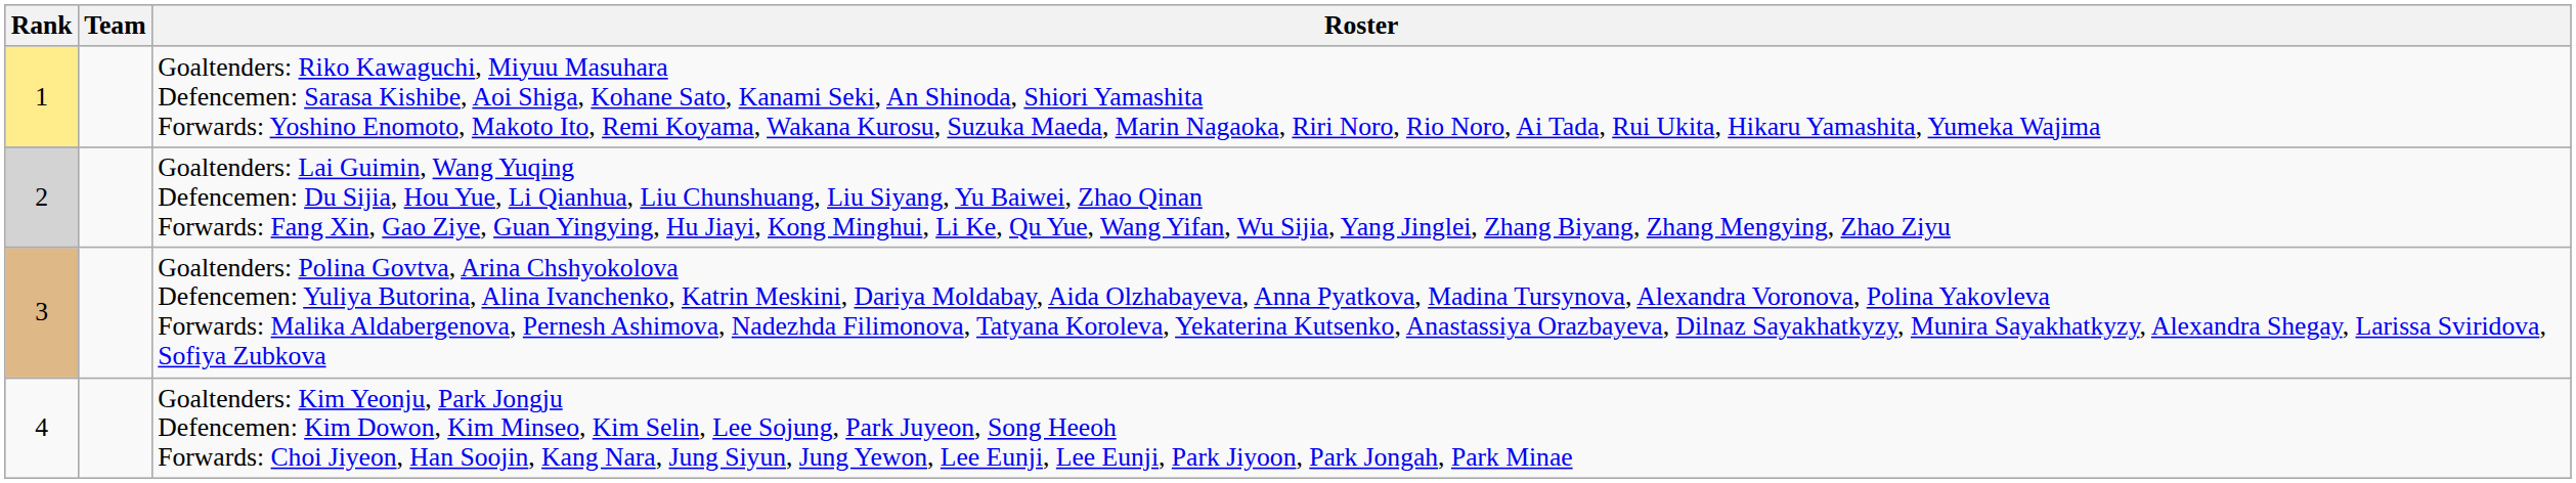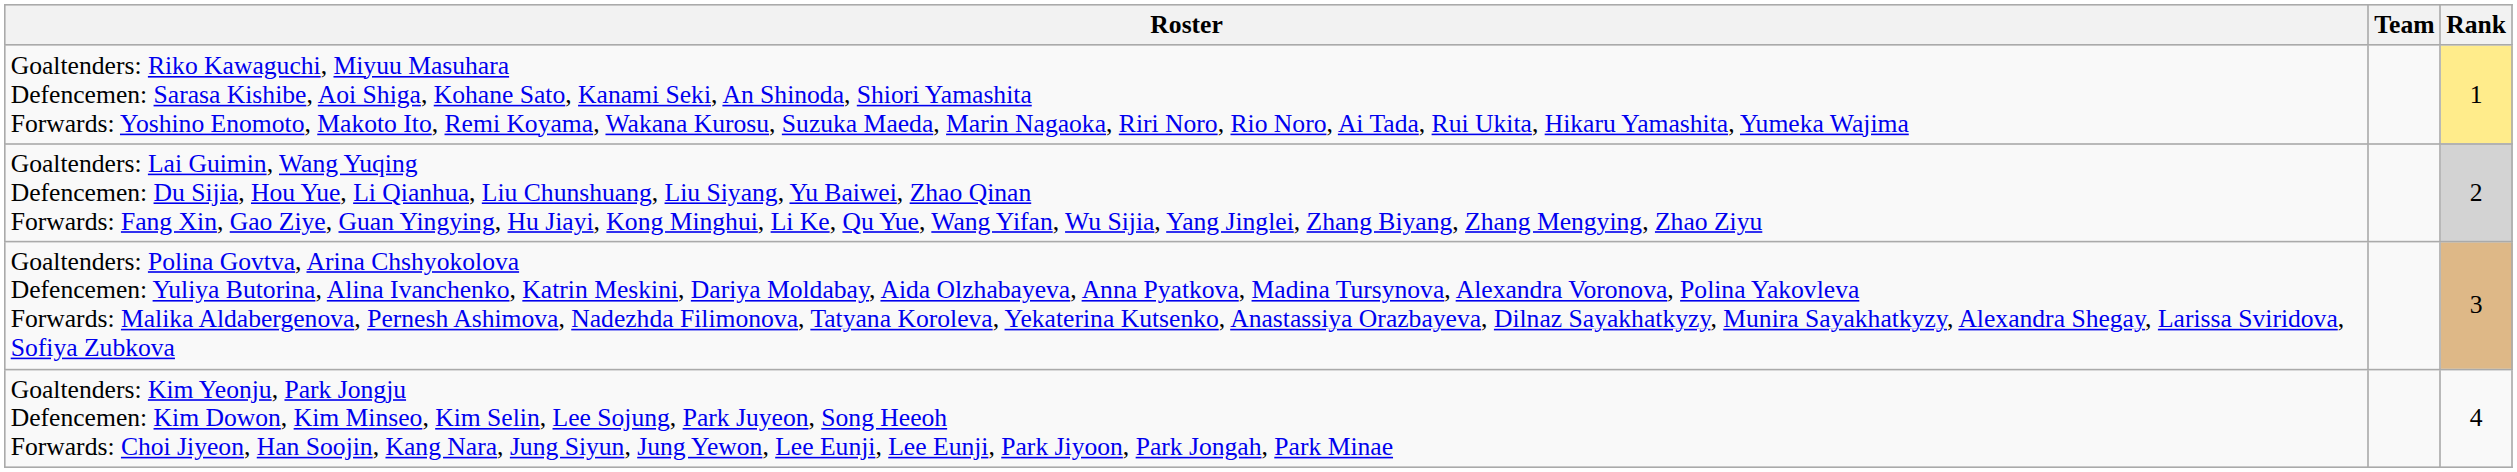 <table class="wikitable">
 <tr>
+<th>Roster</th>
+<th>Team</th>
 <th>Rank</th>
-<th>Team</th>
-<th>Roster</th>
 </tr>
 <tr>
+<td style="text-size:90%">Goaltenders: <a href='#'>Riko Kawaguchi</a>, <a href='#'>Miyuu Masuhara</a><br>Defencemen: <a href='#'>Sarasa Kishibe</a>, <a href='#'>Aoi Shiga</a>, <a href='#'>Kohane Sato</a>, <a href='#'>Kanami Seki</a>, <a href='#'>An Shinoda</a>, <a href='#'>Shiori Yamashita</a><br>Forwards: <a href='#'>Yoshino Enomoto</a>, <a href='#'>Makoto Ito</a>, <a href='#'>Remi Koyama</a>, <a href='#'>Wakana Kurosu</a>, <a href='#'>Suzuka Maeda</a>, <a href='#'>Marin Nagaoka</a>, <a href='#'>Riri Noro</a>, <a href='#'>Rio Noro</a>, <a href='#'>Ai Tada</a>, <a href='#'>Rui Ukita</a>, <a href='#'>Hikaru Yamashita</a>, <a href='#'>Yumeka Wajima</a><br></td>
+<td style="white-space:nowrap;"></td>
 <td bgcolor="#FFEC8B" align="center">1</td>
-<td style="white-space:nowrap;"></td>
-<td style="text-size:90%">Goaltenders: <a href='#'>Riko Kawaguchi</a>, <a href='#'>Miyuu Masuhara</a><br>Defencemen: <a href='#'>Sarasa Kishibe</a>, <a href='#'>Aoi Shiga</a>, <a href='#'>Kohane Sato</a>, <a href='#'>Kanami Seki</a>, <a href='#'>An Shinoda</a>, <a href='#'>Shiori Yamashita</a><br>Forwards: <a href='#'>Yoshino Enomoto</a>, <a href='#'>Makoto Ito</a>, <a href='#'>Remi Koyama</a>, <a href='#'>Wakana Kurosu</a>, <a href='#'>Suzuka Maeda</a>, <a href='#'>Marin Nagaoka</a>, <a href='#'>Riri Noro</a>, <a href='#'>Rio Noro</a>, <a href='#'>Ai Tada</a>, <a href='#'>Rui Ukita</a>, <a href='#'>Hikaru Yamashita</a>, <a href='#'>Yumeka Wajima</a><br></td>
 </tr>
 <tr>
+<td style="text-size:90%">Goaltenders: <a href='#'>Lai Guimin</a>, <a href='#'>Wang Yuqing</a><br>Defencemen: <a href='#'>Du Sijia</a>, <a href='#'>Hou Yue</a>, <a href='#'>Li Qianhua</a>, <a href='#'>Liu Chunshuang</a>, <a href='#'>Liu Siyang</a>, <a href='#'>Yu Baiwei</a>, <a href='#'>Zhao Qinan</a><br>Forwards: <a href='#'>Fang Xin</a>, <a href='#'>Gao Ziye</a>, <a href='#'>Guan Yingying</a>, <a href='#'>Hu Jiayi</a>, <a href='#'>Kong Minghui</a>, <a href='#'>Li Ke</a>, <a href='#'>Qu Yue</a>, <a href='#'>Wang Yifan</a>, <a href='#'>Wu Sijia</a>, <a href='#'>Yang Jinglei</a>, <a href='#'>Zhang Biyang</a>, <a href='#'>Zhang Mengying</a>, <a href='#'>Zhao Ziyu</a><br></td>
+<td style="white-space:nowrap;"></td>
 <td bgcolor="#D3D3D3" align="center">2</td>
-<td style="white-space:nowrap;"></td>
-<td style="text-size:90%">Goaltenders: <a href='#'>Lai Guimin</a>, <a href='#'>Wang Yuqing</a><br>Defencemen: <a href='#'>Du Sijia</a>, <a href='#'>Hou Yue</a>, <a href='#'>Li Qianhua</a>, <a href='#'>Liu Chunshuang</a>, <a href='#'>Liu Siyang</a>, <a href='#'>Yu Baiwei</a>, <a href='#'>Zhao Qinan</a><br>Forwards: <a href='#'>Fang Xin</a>, <a href='#'>Gao Ziye</a>, <a href='#'>Guan Yingying</a>, <a href='#'>Hu Jiayi</a>, <a href='#'>Kong Minghui</a>, <a href='#'>Li Ke</a>, <a href='#'>Qu Yue</a>, <a href='#'>Wang Yifan</a>, <a href='#'>Wu Sijia</a>, <a href='#'>Yang Jinglei</a>, <a href='#'>Zhang Biyang</a>, <a href='#'>Zhang Mengying</a>, <a href='#'>Zhao Ziyu</a><br></td>
 </tr>
 <tr>
+<td style="text-size:90%">Goaltenders: <a href='#'>Polina Govtva</a>, <a href='#'>Arina Chshyokolova</a><br>Defencemen: <a href='#'>Yuliya Butorina</a>, <a href='#'>Alina Ivanchenko</a>, <a href='#'>Katrin Meskini</a>, <a href='#'>Dariya Moldabay</a>, <a href='#'>Aida Olzhabayeva</a>, <a href='#'>Anna Pyatkova</a>, <a href='#'>Madina Tursynova</a>, <a href='#'>Alexandra Voronova</a>, <a href='#'>Polina Yakovleva</a><br>Forwards: <a href='#'>Malika Aldabergenova</a>, <a href='#'>Pernesh Ashimova</a>, <a href='#'>Nadezhda Filimonova</a>, <a href='#'>Tatyana Koroleva</a>, <a href='#'>Yekaterina Kutsenko</a>, <a href='#'>Anastassiya Orazbayeva</a>, <a href='#'>Dilnaz Sayakhatkyzy</a>, <a href='#'>Munira Sayakhatkyzy</a>, <a href='#'>Alexandra Shegay</a>, <a href='#'>Larissa Sviridova</a>, <a href='#'>Sofiya Zubkova</a><br></td>
+<td style="white-space:nowrap;"></td>
 <td bgcolor="#DEB887" align="center">3</td>
-<td style="white-space:nowrap;"></td>
-<td style="text-size:90%">Goaltenders: <a href='#'>Polina Govtva</a>, <a href='#'>Arina Chshyokolova</a><br>Defencemen: <a href='#'>Yuliya Butorina</a>, <a href='#'>Alina Ivanchenko</a>, <a href='#'>Katrin Meskini</a>, <a href='#'>Dariya Moldabay</a>, <a href='#'>Aida Olzhabayeva</a>, <a href='#'>Anna Pyatkova</a>, <a href='#'>Madina Tursynova</a>, <a href='#'>Alexandra Voronova</a>, <a href='#'>Polina Yakovleva</a><br>Forwards: <a href='#'>Malika Aldabergenova</a>, <a href='#'>Pernesh Ashimova</a>, <a href='#'>Nadezhda Filimonova</a>, <a href='#'>Tatyana Koroleva</a>, <a href='#'>Yekaterina Kutsenko</a>, <a href='#'>Anastassiya Orazbayeva</a>, <a href='#'>Dilnaz Sayakhatkyzy</a>, <a href='#'>Munira Sayakhatkyzy</a>, <a href='#'>Alexandra Shegay</a>, <a href='#'>Larissa Sviridova</a>, <a href='#'>Sofiya Zubkova</a><br></td>
 </tr>
 <tr>
+<td style="text-size:90%">Goaltenders: <a href='#'>Kim Yeonju</a>, <a href='#'>Park Jongju</a><br>Defencemen: <a href='#'>Kim Dowon</a>, <a href='#'>Kim Minseo</a>, <a href='#'>Kim Selin</a>, <a href='#'>Lee Sojung</a>, <a href='#'>Park Juyeon</a>, <a href='#'>Song Heeoh</a><br>Forwards: <a href='#'>Choi Jiyeon</a>, <a href='#'>Han Soojin</a>, <a href='#'>Kang Nara</a>, <a href='#'>Jung Siyun</a>, <a href='#'>Jung Yewon</a>, <a href='#'>Lee Eunji</a>, <a href='#'>Lee Eunji</a>, <a href='#'>Park Jiyoon</a>, <a href='#'>Park Jongah</a>, <a href='#'>Park Minae</a><br></td>
+<td style="white-space:nowrap;"></td>
 <td align="center">4</td>
-<td style="white-space:nowrap;"></td>
-<td style="text-size:90%">Goaltenders: <a href='#'>Kim Yeonju</a>, <a href='#'>Park Jongju</a><br>Defencemen: <a href='#'>Kim Dowon</a>, <a href='#'>Kim Minseo</a>, <a href='#'>Kim Selin</a>, <a href='#'>Lee Sojung</a>, <a href='#'>Park Juyeon</a>, <a href='#'>Song Heeoh</a><br>Forwards: <a href='#'>Choi Jiyeon</a>, <a href='#'>Han Soojin</a>, <a href='#'>Kang Nara</a>, <a href='#'>Jung Siyun</a>, <a href='#'>Jung Yewon</a>, <a href='#'>Lee Eunji</a>, <a href='#'>Lee Eunji</a>, <a href='#'>Park Jiyoon</a>, <a href='#'>Park Jongah</a>, <a href='#'>Park Minae</a><br></td>
 </tr>
 </table>
